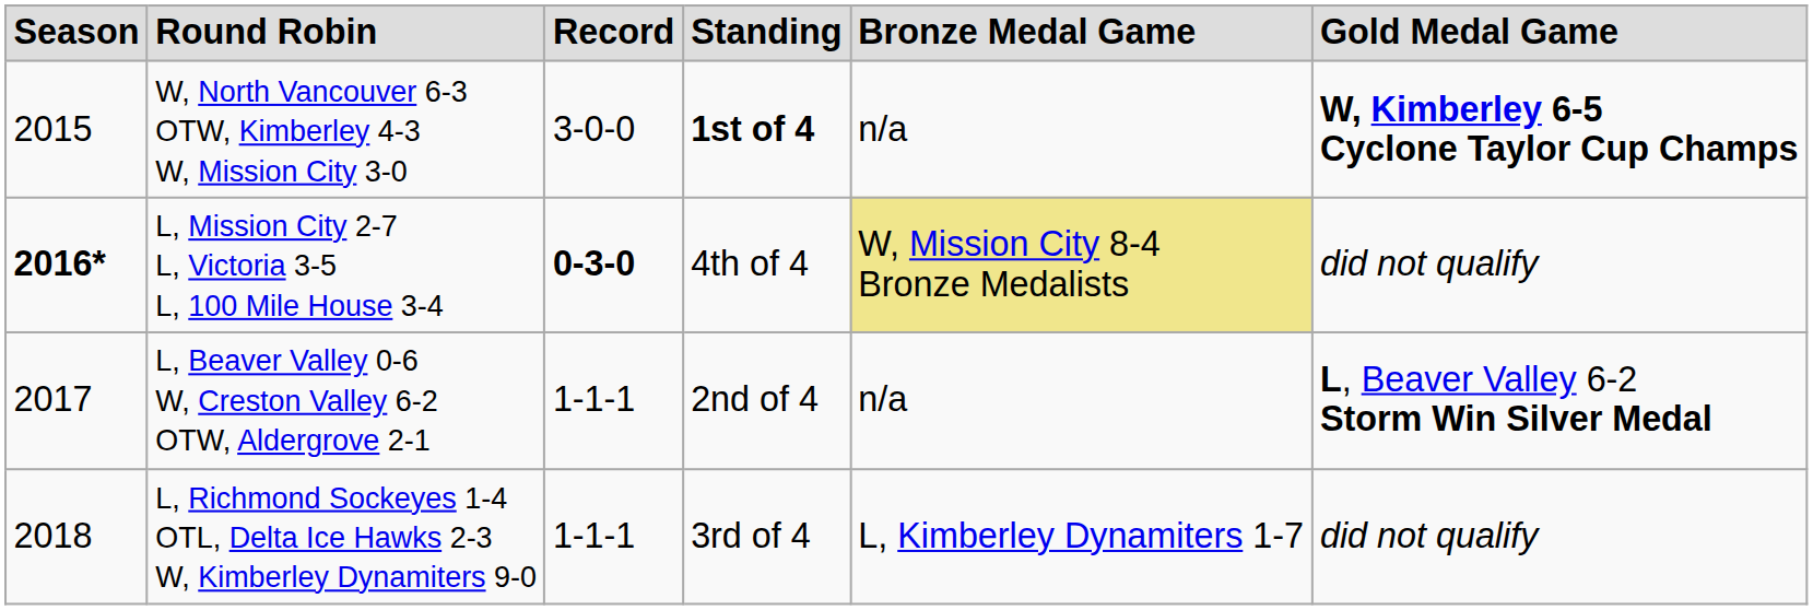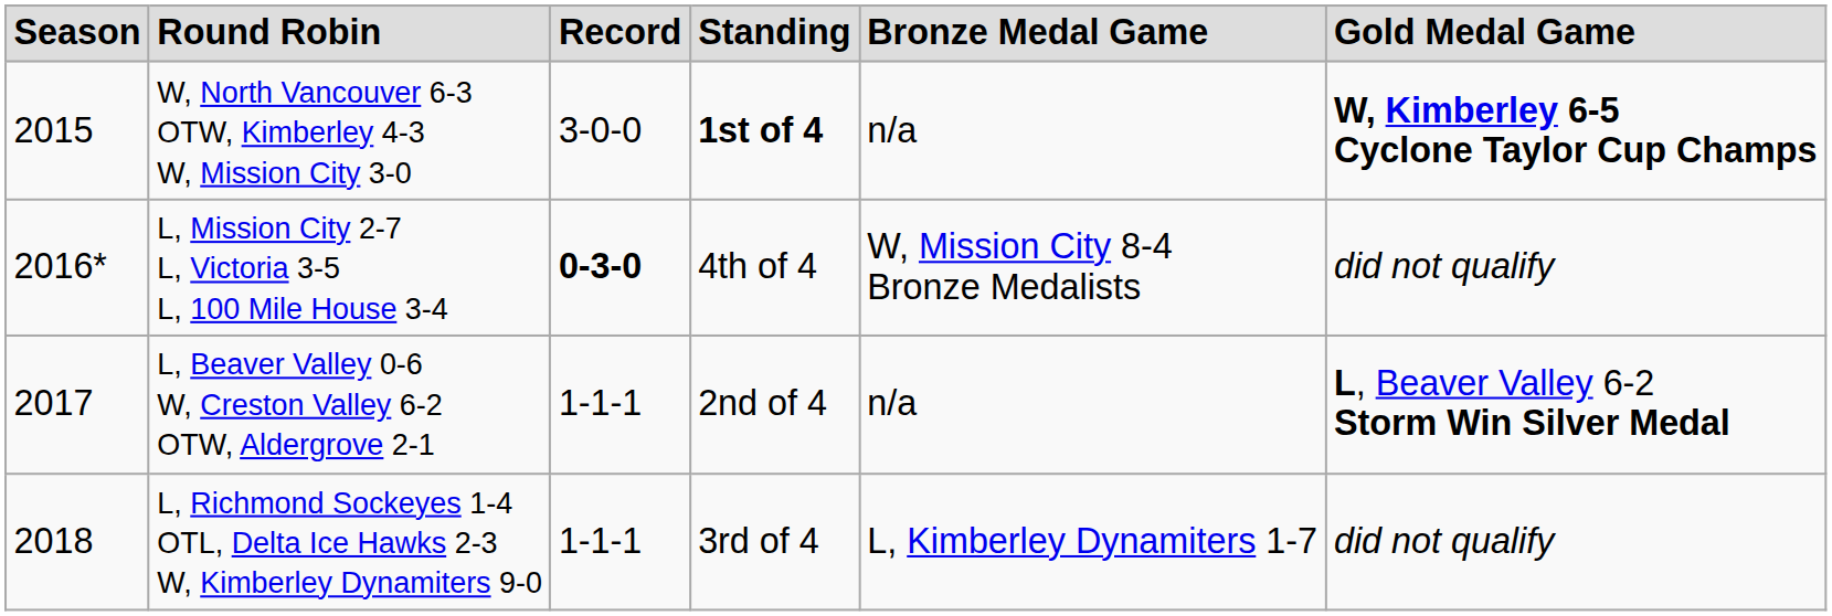 <table class="wikitable">
 <tr style="font-weight:bold; background-color:#dddddd;">
 <td>Season</td>
 <td>Round Robin</td>
 <td>Record</td>
 <td>Standing</td>
 <td>Bronze Medal Game</td>
 <td>Gold Medal Game</td>
 </tr>
 <tr>
 <td>2015</td>
 <td><small> W, <a href='#'>North Vancouver</a> 6-3<br>OTW, <a href='#'>Kimberley</a> 4-3<br>W, <a href='#'>Mission City</a> 3-0</small></td>
 <td>3-0-0</td>
 <td><strong>1st of 4</strong></td>
 <td>n/a</td>
 <td><strong>W, <a href='#'>Kimberley</a> 6-5</strong><br><strong>Cyclone Taylor Cup Champs</strong></td>
 </tr>
 <tr>
-<td><strong>2016*</strong></td>
+<td>2016*</td>
 <td><small> L, <a href='#'>Mission City</a> 2-7<br>L, <a href='#'>Victoria</a> 3-5<br>L, <a href='#'>100 Mile House</a> 3-4</small></td>
 <td><strong>0-3-0</strong></td>
 <td>4th of 4</td>
-<td style="background: khaki;">W, <a href='#'>Mission City</a> 8-4<br>Bronze Medalists</td>
+<td>W, <a href='#'>Mission City</a> 8-4<br>Bronze Medalists</td>
 <td><em>did not qualify</em></td>
 </tr>
 <tr>
 <td>2017</td>
 <td><small> L, <a href='#'>Beaver Valley</a> 0-6<br>W, <a href='#'>Creston Valley</a> 6-2<br>OTW, <a href='#'>Aldergrove</a> 2-1</small></td>
 <td>1-1-1</td>
 <td>2nd of 4</td>
 <td>n/a</td>
 <td><strong>L</strong>, <a href='#'>Beaver Valley</a> 6-2<br><strong>Storm Win Silver Medal</strong></td>
 </tr>
 <tr>
 <td>2018</td>
 <td><small> L, <a href='#'>Richmond Sockeyes</a> 1-4<br>OTL, <a href='#'>Delta Ice Hawks</a> 2-3<br>W, <a href='#'>Kimberley Dynamiters</a> 9-0</small></td>
 <td>1-1-1</td>
 <td>3rd of 4</td>
 <td>L, <a href='#'>Kimberley Dynamiters</a> 1-7</td>
 <td><em>did not qualify</em></td>
 </tr>
 </table>
